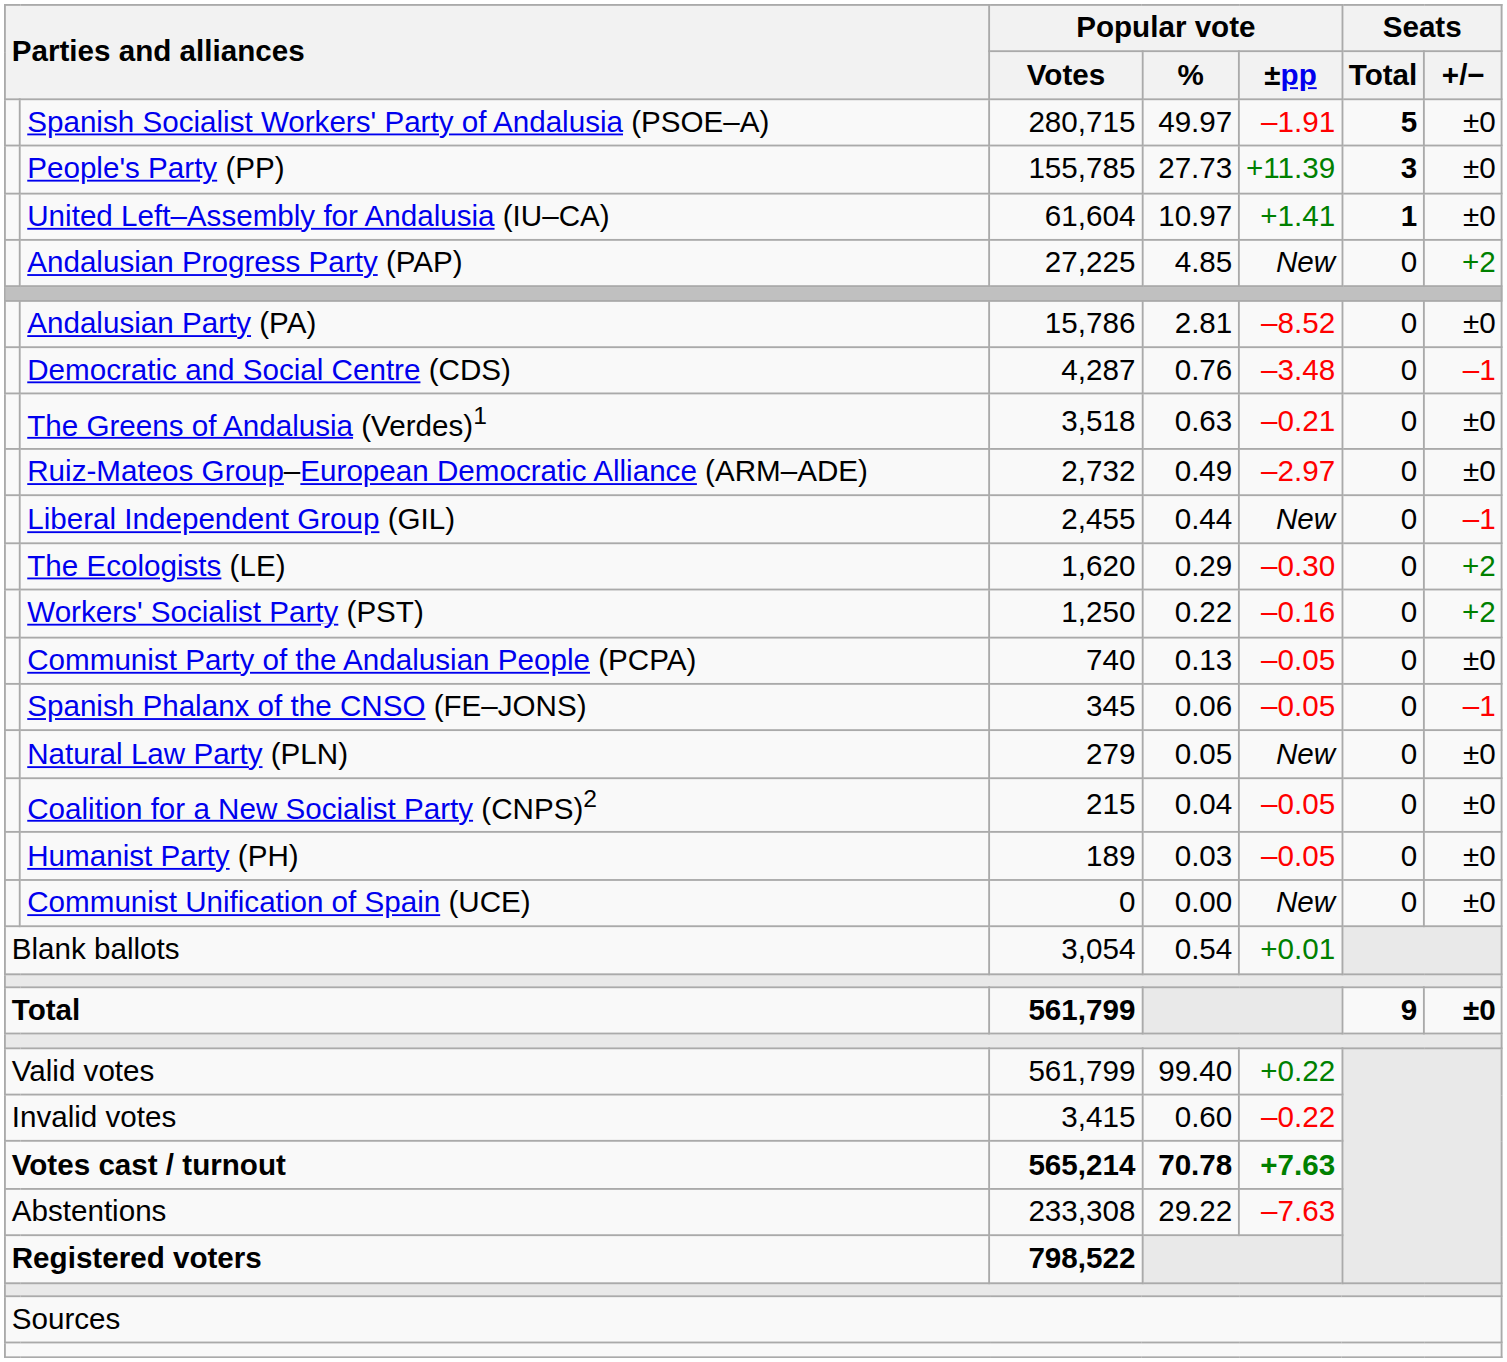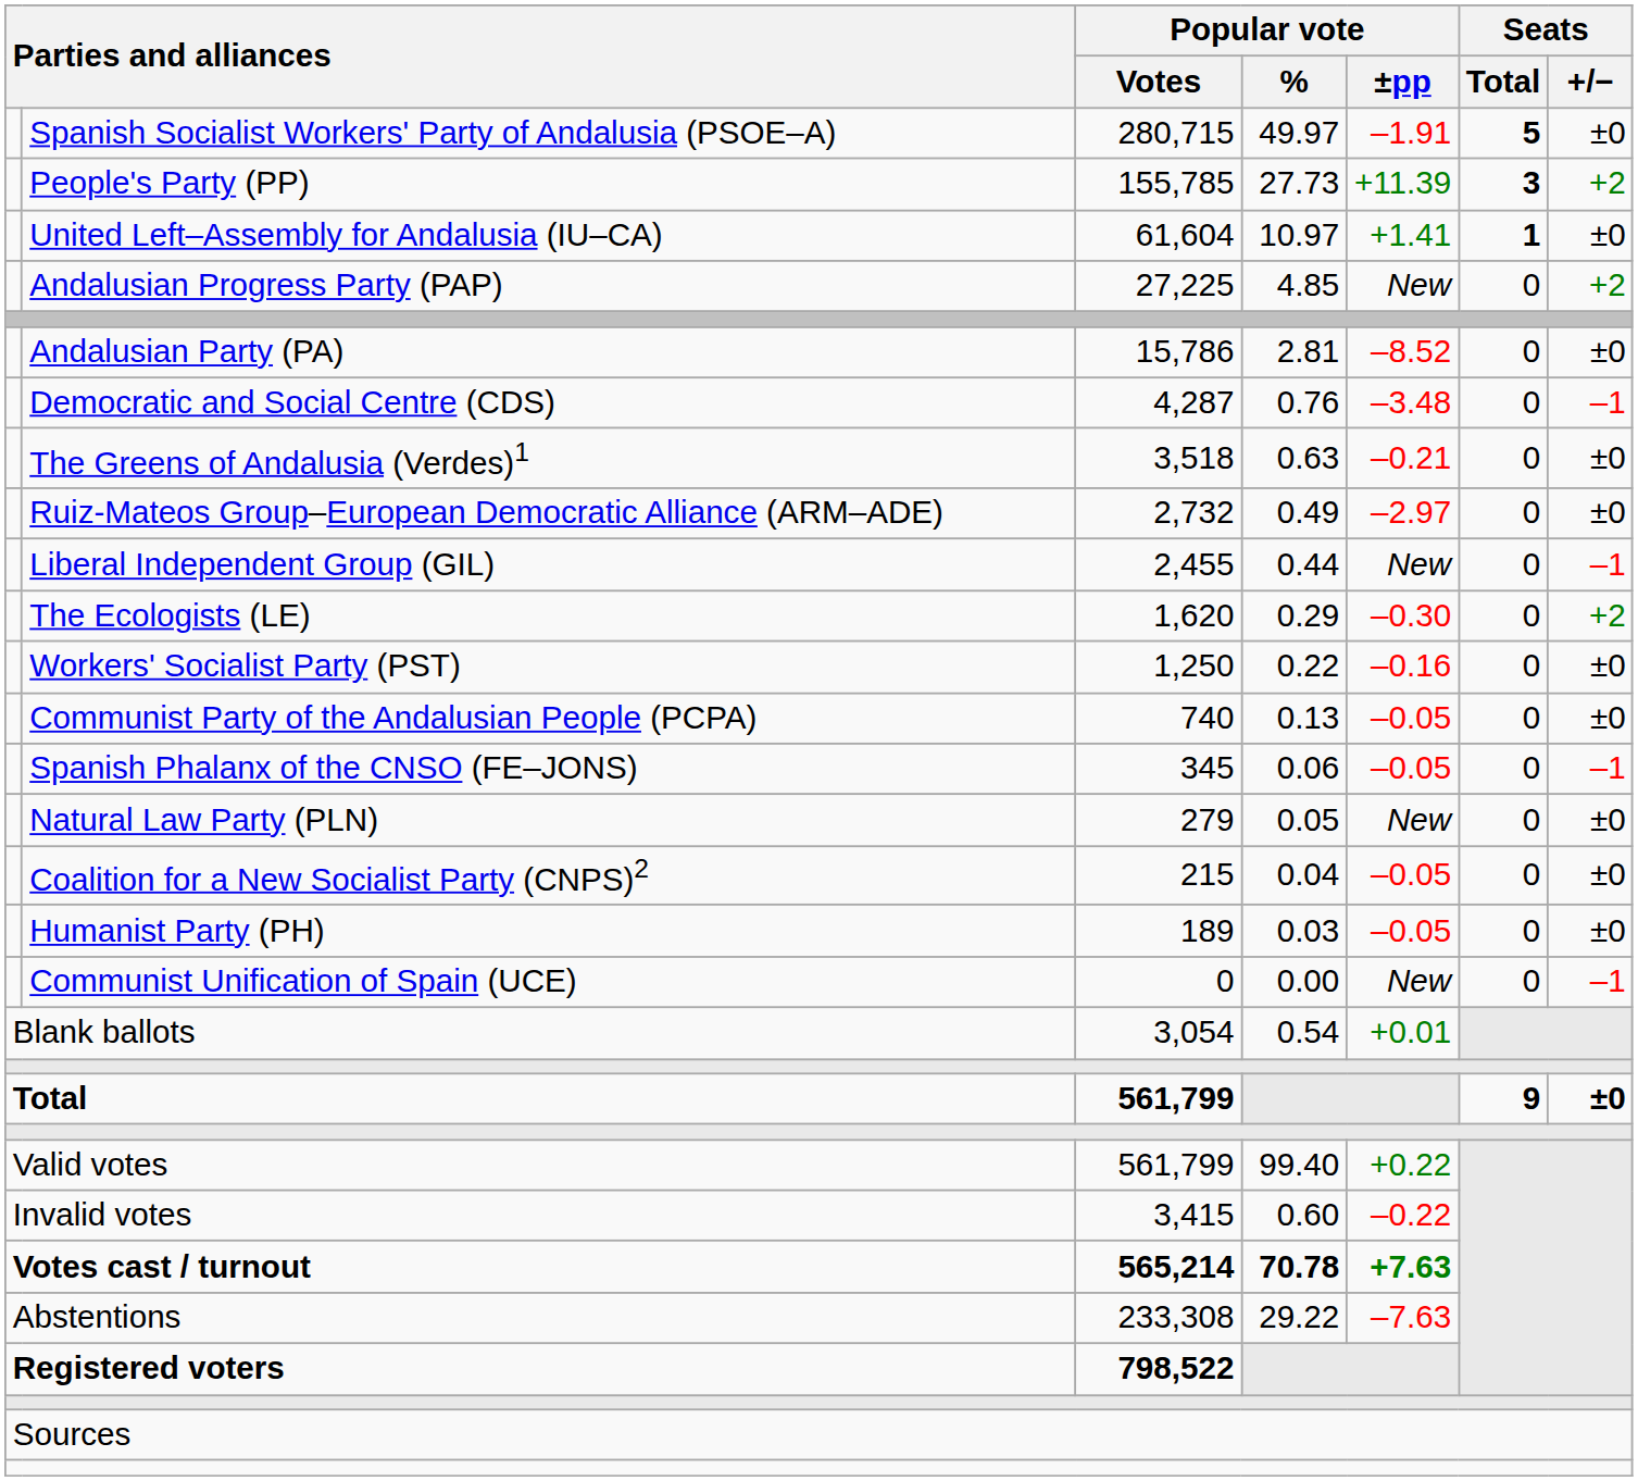 <table class="wikitable" style="text-align:right;">
 <tr>
 <th style="text-align:left;" rowspan="2" colspan="2" width="525">Parties and alliances</th>
 <th colspan="3">Popular vote</th>
 <th colspan="2">Seats</th>
 </tr>
 <tr>
 <th width="75">Votes</th>
 <th width="45">%</th>
 <th width="45">±<a href='#'>pp</a></th>
 <th width="35">Total</th>
 <th width="35">+/−</th>
 </tr>
 <tr>
 <td width="1" style="color:inherit;background:"></td>
 <td align="left"><a href='#'>Spanish Socialist Workers' Party of Andalusia</a> (PSOE–A)</td>
 <td>280,715</td>
 <td>49.97</td>
 <td style="color:red;">–1.91</td>
 <td><strong>5</strong></td>
 <td>±0</td>
 </tr>
 <tr>
 <td style="color:inherit;background:"></td>
 <td align="left"><a href='#'>People's Party</a> (PP)</td>
 <td>155,785</td>
 <td>27.73</td>
 <td style="color:green;">+11.39</td>
 <td><strong>3</strong></td>
-<td>±0</td>
+<td style="color:green;">+2</td>
 </tr>
 <tr>
 <td style="color:inherit;background:"></td>
 <td align="left"><a href='#'>United Left–Assembly for Andalusia</a> (IU–CA)</td>
 <td>61,604</td>
 <td>10.97</td>
 <td style="color:green;">+1.41</td>
 <td><strong>1</strong></td>
 <td>±0</td>
 </tr>
 <tr>
 <td style="color:inherit;background:"></td>
 <td align="left"><a href='#'>Andalusian Progress Party</a> (PAP)</td>
 <td>27,225</td>
 <td>4.85</td>
 <td><em>New</em></td>
 <td>0</td>
 <td style="color:green;">+2</td>
 </tr>
 <tr>
 <td colspan="7" bgcolor="#C0C0C0"></td>
 </tr>
 <tr>
 <td style="color:inherit;background:"></td>
 <td align="left"><a href='#'>Andalusian Party</a> (PA)</td>
 <td>15,786</td>
 <td>2.81</td>
 <td style="color:red;">–8.52</td>
 <td>0</td>
 <td>±0</td>
 </tr>
 <tr>
 <td style="color:inherit;background:"></td>
 <td align="left"><a href='#'>Democratic and Social Centre</a> (CDS)</td>
 <td>4,287</td>
 <td>0.76</td>
 <td style="color:red;">–3.48</td>
 <td>0</td>
 <td style="color:red;">–1</td>
 </tr>
 <tr>
 <td style="color:inherit;background:"></td>
 <td align="left"><a href='#'>The Greens of Andalusia</a> (Verdes)<sup>1</sup></td>
 <td>3,518</td>
 <td>0.63</td>
 <td style="color:red;">–0.21</td>
 <td>0</td>
 <td>±0</td>
 </tr>
 <tr>
 <td style="color:inherit;background:"></td>
 <td align="left"><a href='#'>Ruiz-Mateos Group</a>–<a href='#'>European Democratic Alliance</a> (ARM–ADE)</td>
 <td>2,732</td>
 <td>0.49</td>
 <td style="color:red;">–2.97</td>
 <td>0</td>
 <td>±0</td>
 </tr>
 <tr>
 <td style="color:inherit;background:"></td>
 <td align="left"><a href='#'>Liberal Independent Group</a> (GIL)</td>
 <td>2,455</td>
 <td>0.44</td>
 <td><em>New</em></td>
 <td>0</td>
 <td style="color:red;">–1</td>
 </tr>
 <tr>
 <td style="color:inherit;background:"></td>
 <td align="left"><a href='#'>The Ecologists</a> (LE)</td>
 <td>1,620</td>
 <td>0.29</td>
 <td style="color:red;">–0.30</td>
 <td>0</td>
 <td style="color:green;">+2</td>
 </tr>
 <tr>
 <td style="color:inherit;background:"></td>
 <td align="left"><a href='#'>Workers' Socialist Party</a> (PST)</td>
 <td>1,250</td>
 <td>0.22</td>
 <td style="color:red;">–0.16</td>
 <td>0</td>
-<td style="color:green;">+2</td>
+<td>±0</td>
 </tr>
 <tr>
 <td style="color:inherit;background:"></td>
 <td align="left"><a href='#'>Communist Party of the Andalusian People</a> (PCPA)</td>
 <td>740</td>
 <td>0.13</td>
 <td style="color:red;">–0.05</td>
 <td>0</td>
 <td>±0</td>
 </tr>
 <tr>
 <td style="color:inherit;background:"></td>
 <td align="left"><a href='#'>Spanish Phalanx of the CNSO</a> (FE–JONS)</td>
 <td>345</td>
 <td>0.06</td>
 <td style="color:red;">–0.05</td>
 <td>0</td>
 <td style="color:red;">–1</td>
 </tr>
 <tr>
 <td style="color:inherit;background:"></td>
 <td align="left"><a href='#'>Natural Law Party</a> (PLN)</td>
 <td>279</td>
 <td>0.05</td>
 <td><em>New</em></td>
 <td>0</td>
 <td>±0</td>
 </tr>
 <tr>
 <td style="color:inherit;background:"></td>
 <td align="left"><a href='#'>Coalition for a New Socialist Party</a> (CNPS)<sup>2</sup></td>
 <td>215</td>
 <td>0.04</td>
 <td style="color:red;">–0.05</td>
 <td>0</td>
 <td>±0</td>
 </tr>
 <tr>
 <td style="color:inherit;background:"></td>
 <td align="left"><a href='#'>Humanist Party</a> (PH)</td>
 <td>189</td>
 <td>0.03</td>
 <td style="color:red;">–0.05</td>
 <td>0</td>
 <td>±0</td>
 </tr>
 <tr>
 <td style="color:inherit;background:"></td>
 <td align="left"><a href='#'>Communist Unification of Spain</a> (UCE)</td>
 <td>0</td>
 <td>0.00</td>
 <td><em>New</em></td>
 <td>0</td>
-<td>±0</td>
+<td style="color:red;">–1</td>
 </tr>
 <tr>
 <td align="left" colspan="2">Blank ballots</td>
 <td>3,054</td>
 <td>0.54</td>
 <td style="color:green;">+0.01</td>
 <td bgcolor="#E9E9E9" colspan="2"></td>
 </tr>
 <tr>
 <td colspan="7" bgcolor="#E9E9E9"></td>
 </tr>
 <tr style="font-weight:bold;">
 <td align="left" colspan="2">Total</td>
 <td>561,799</td>
 <td bgcolor="#E9E9E9" colspan="2"></td>
 <td>9</td>
 <td>±0</td>
 </tr>
 <tr>
 <td colspan="7" bgcolor="#E9E9E9"></td>
 </tr>
 <tr>
 <td align="left" colspan="2">Valid votes</td>
 <td>561,799</td>
 <td>99.40</td>
 <td style="color:green;">+0.22</td>
 <td bgcolor="#E9E9E9" colspan="2" rowspan="5"></td>
 </tr>
 <tr>
 <td align="left" colspan="2">Invalid votes</td>
 <td>3,415</td>
 <td>0.60</td>
 <td style="color:red;">–0.22</td>
 </tr>
 <tr style="font-weight:bold;">
 <td align="left" colspan="2">Votes cast / turnout</td>
 <td>565,214</td>
 <td>70.78</td>
 <td style="color:green;">+7.63</td>
 </tr>
 <tr>
 <td align="left" colspan="2">Abstentions</td>
 <td>233,308</td>
 <td>29.22</td>
 <td style="color:red;">–7.63</td>
 </tr>
 <tr style="font-weight:bold;">
 <td align="left" colspan="2">Registered voters</td>
 <td>798,522</td>
 <td bgcolor="#E9E9E9" colspan="2"></td>
 </tr>
 <tr>
 <td colspan="7" bgcolor="#E9E9E9"></td>
 </tr>
 <tr>
 <td align="left" colspan="7">Sources</td>
 </tr>
 <tr>
 <td colspan="7" style="text-align:left; max-width:790px;"></td>
 </tr>
 </table>
